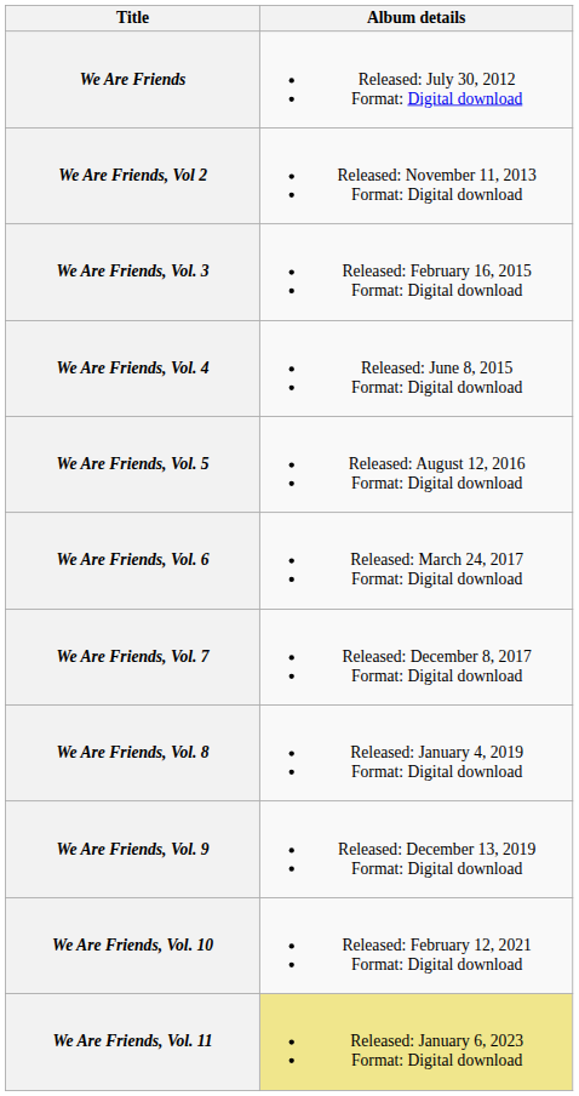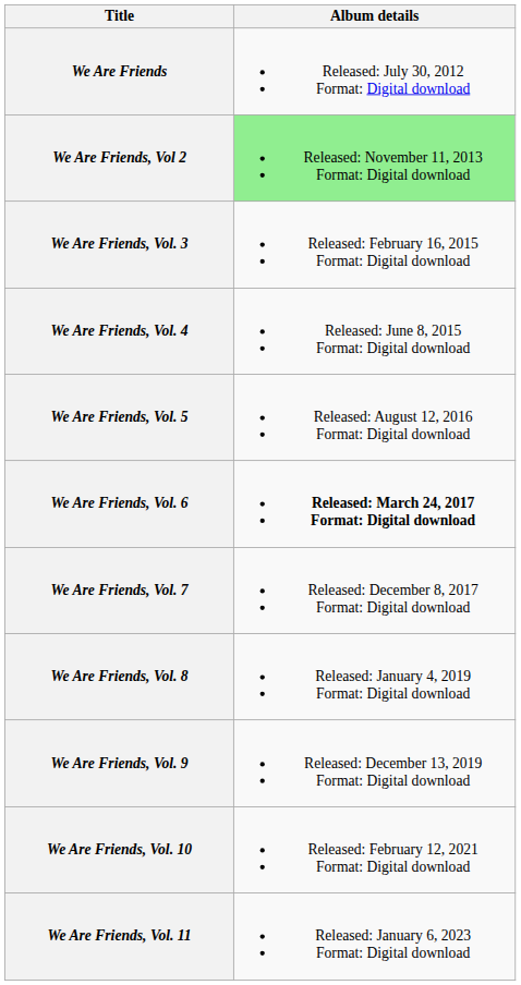 <table class="wikitable plainrowheaders" style="text-align:center;">
 <tr>
 <th scope="col" rowspan="1" style="width:15em;">Title</th>
 <th scope="col" rowspan="1" style="width:18.5em;">Album details</th>
 </tr>
 <tr>
 <th scope="row"><em>We Are Friends</em></th>
 <td><br><ul><li>Released: July 30, 2012</li><li>Format: <a href='#'>Digital download</a></li></ul></td>
 </tr>
 <tr>
 <th scope="row"><em>We Are Friends, Vol 2</em></th>
-<td><br><ul><li>Released: November 11, 2013</li><li>Format: Digital download</li></ul></td>
+<td style="background: lightgreen;"><br><ul><li>Released: November 11, 2013</li><li>Format: Digital download</li></ul></td>
 </tr>
 <tr>
 <th scope="row"><em>We Are Friends, Vol. 3</em></th>
 <td><br><ul><li>Released: February 16, 2015</li><li>Format: Digital download</li></ul></td>
 </tr>
 <tr>
 <th scope="row"><em>We Are Friends, Vol. 4</em></th>
 <td><br><ul><li>Released: June 8, 2015</li><li>Format: Digital download</li></ul></td>
 </tr>
 <tr>
 <th scope="row"><em>We Are Friends, Vol. 5</em></th>
 <td><br><ul><li>Released: August 12, 2016</li><li>Format: Digital download</li></ul></td>
 </tr>
 <tr>
 <th scope="row"><em>We Are Friends, Vol. 6</em></th>
-<td><br><ul><li>Released: March 24, 2017</li><li>Format: Digital download</li></ul></td>
+<td><strong><br><ul><li>Released: March 24, 2017</li><li>Format: Digital download</li></ul></strong></td>
 </tr>
 <tr>
 <th scope="row"><em>We Are Friends, Vol. 7</em></th>
 <td><br><ul><li>Released: December 8, 2017</li><li>Format: Digital download</li></ul></td>
 </tr>
 <tr>
 <th scope="row"><em>We Are Friends, Vol. 8</em></th>
 <td><br><ul><li>Released: January 4, 2019</li><li>Format: Digital download</li></ul></td>
 </tr>
 <tr>
 <th scope="row"><em>We Are Friends, Vol. 9</em></th>
 <td><br><ul><li>Released: December 13, 2019</li><li>Format: Digital download</li></ul></td>
 </tr>
 <tr>
 <th scope="row"><em>We Are Friends, Vol. 10</em></th>
 <td><br><ul><li>Released: February 12, 2021</li><li>Format: Digital download</li></ul></td>
 </tr>
 <tr>
 <th scope="row"><em>We Are Friends, Vol. 11</em></th>
-<td style="background: khaki;"><br><ul><li>Released: January 6, 2023</li><li>Format: Digital download</li></ul></td>
+<td><br><ul><li>Released: January 6, 2023</li><li>Format: Digital download</li></ul></td>
 </tr>
 </table>
